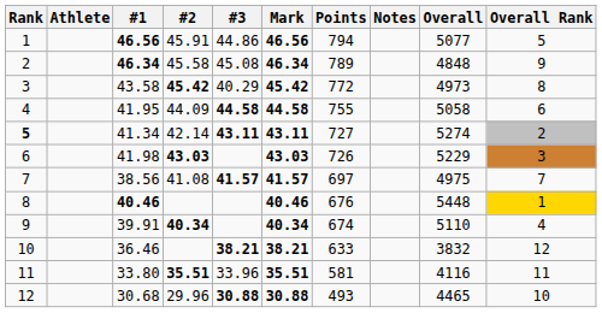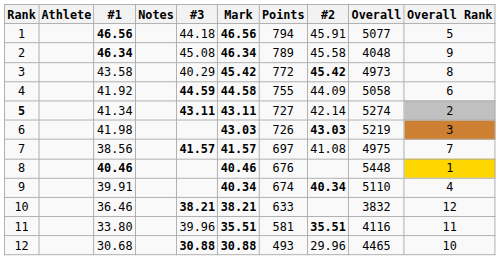 <table class="wikitable sortable" style="text-align:center">
 <tr>
 <th>Rank</th>
 <th>Athlete</th>
 <th>#1</th>
-<th>#2</th>
+<th>Notes</th>
 <th>#3</th>
 <th>Mark</th>
 <th>Points</th>
-<th>Notes</th>
+<th>#2</th>
 <th>Overall</th>
 <th>Overall Rank</th>
 </tr>
 <tr>
 <td>1</td>
 <td align="left"></td>
 <td><strong>46.56</strong></td>
-<td>45.91</td>
-<td>44.86</td>
+<td></td>
+<td>44.18</td>
 <td><strong>46.56</strong></td>
 <td>794</td>
-<td></td>
+<td>45.91</td>
 <td>5077</td>
 <td>5</td>
 </tr>
 <tr>
 <td>2</td>
 <td align="left"></td>
 <td><strong>46.34</strong></td>
-<td>45.58</td>
+<td></td>
 <td>45.08</td>
 <td><strong>46.34</strong></td>
 <td>789</td>
-<td></td>
-<td>4848</td>
+<td>45.58</td>
+<td>4048</td>
 <td>9</td>
 </tr>
 <tr>
 <td>3</td>
 <td align="left"></td>
 <td>43.58</td>
-<td><strong>45.42</strong></td>
+<td></td>
 <td>40.29</td>
 <td><strong>45.42</strong></td>
 <td>772</td>
-<td></td>
+<td><strong>45.42</strong></td>
 <td>4973</td>
 <td>8</td>
 </tr>
 <tr>
 <td>4</td>
 <td align="left"></td>
-<td>41.95</td>
-<td>44.09</td>
-<td><strong>44.58</strong></td>
+<td>41.92</td>
+<td></td>
+<td><strong>44.59</strong></td>
 <td><strong>44.58</strong></td>
 <td>755</td>
-<td></td>
+<td>44.09</td>
 <td>5058</td>
 <td>6</td>
 </tr>
 <tr>
 <td><strong>5</strong></td>
 <td align="left"></td>
 <td>41.34</td>
-<td>42.14</td>
+<td></td>
 <td><strong>43.11</strong></td>
 <td><strong>43.11</strong></td>
 <td>727</td>
-<td></td>
+<td>42.14</td>
 <td>5274</td>
 <td style="background-color:#c0c0c0">2</td>
 </tr>
 <tr>
 <td>6</td>
 <td align="left"></td>
 <td>41.98</td>
-<td><strong>43.03</strong></td>
+<td></td>
 <td></td>
 <td><strong>43.03</strong></td>
 <td>726</td>
-<td></td>
-<td>5229</td>
+<td><strong>43.03</strong></td>
+<td>5219</td>
 <td style="background-color:#cd7f32">3</td>
 </tr>
 <tr>
 <td>7</td>
 <td align="left"></td>
 <td>38.56</td>
-<td>41.08</td>
+<td></td>
 <td><strong>41.57</strong></td>
 <td><strong>41.57</strong></td>
 <td>697</td>
-<td></td>
+<td>41.08</td>
 <td>4975</td>
 <td>7</td>
 </tr>
 <tr>
 <td>8</td>
 <td align="left"></td>
 <td><strong>40.46</strong></td>
 <td></td>
 <td></td>
 <td><strong>40.46</strong></td>
 <td>676</td>
 <td></td>
 <td>5448</td>
 <td style="background-color:#ffd700">1</td>
 </tr>
 <tr>
 <td>9</td>
 <td align="left"></td>
 <td>39.91</td>
-<td><strong>40.34</strong></td>
+<td></td>
 <td></td>
 <td><strong>40.34</strong></td>
 <td>674</td>
-<td></td>
+<td><strong>40.34</strong></td>
 <td>5110</td>
 <td>4</td>
 </tr>
 <tr>
 <td>10</td>
 <td align="left"></td>
 <td>36.46</td>
 <td></td>
 <td><strong>38.21</strong></td>
 <td><strong>38.21</strong></td>
 <td>633</td>
 <td></td>
 <td>3832</td>
 <td>12</td>
 </tr>
 <tr>
 <td>11</td>
 <td align="left"></td>
 <td>33.80</td>
-<td><strong>35.51</strong></td>
-<td>33.96</td>
+<td></td>
+<td>39.96</td>
 <td><strong>35.51</strong></td>
 <td>581</td>
-<td></td>
+<td><strong>35.51</strong></td>
 <td>4116</td>
 <td>11</td>
 </tr>
 <tr>
 <td>12</td>
 <td align="left"></td>
 <td>30.68</td>
-<td>29.96</td>
+<td></td>
 <td><strong>30.88</strong></td>
 <td><strong>30.88</strong></td>
 <td>493</td>
-<td></td>
+<td>29.96</td>
 <td>4465</td>
 <td>10</td>
 </tr>
 </table>
